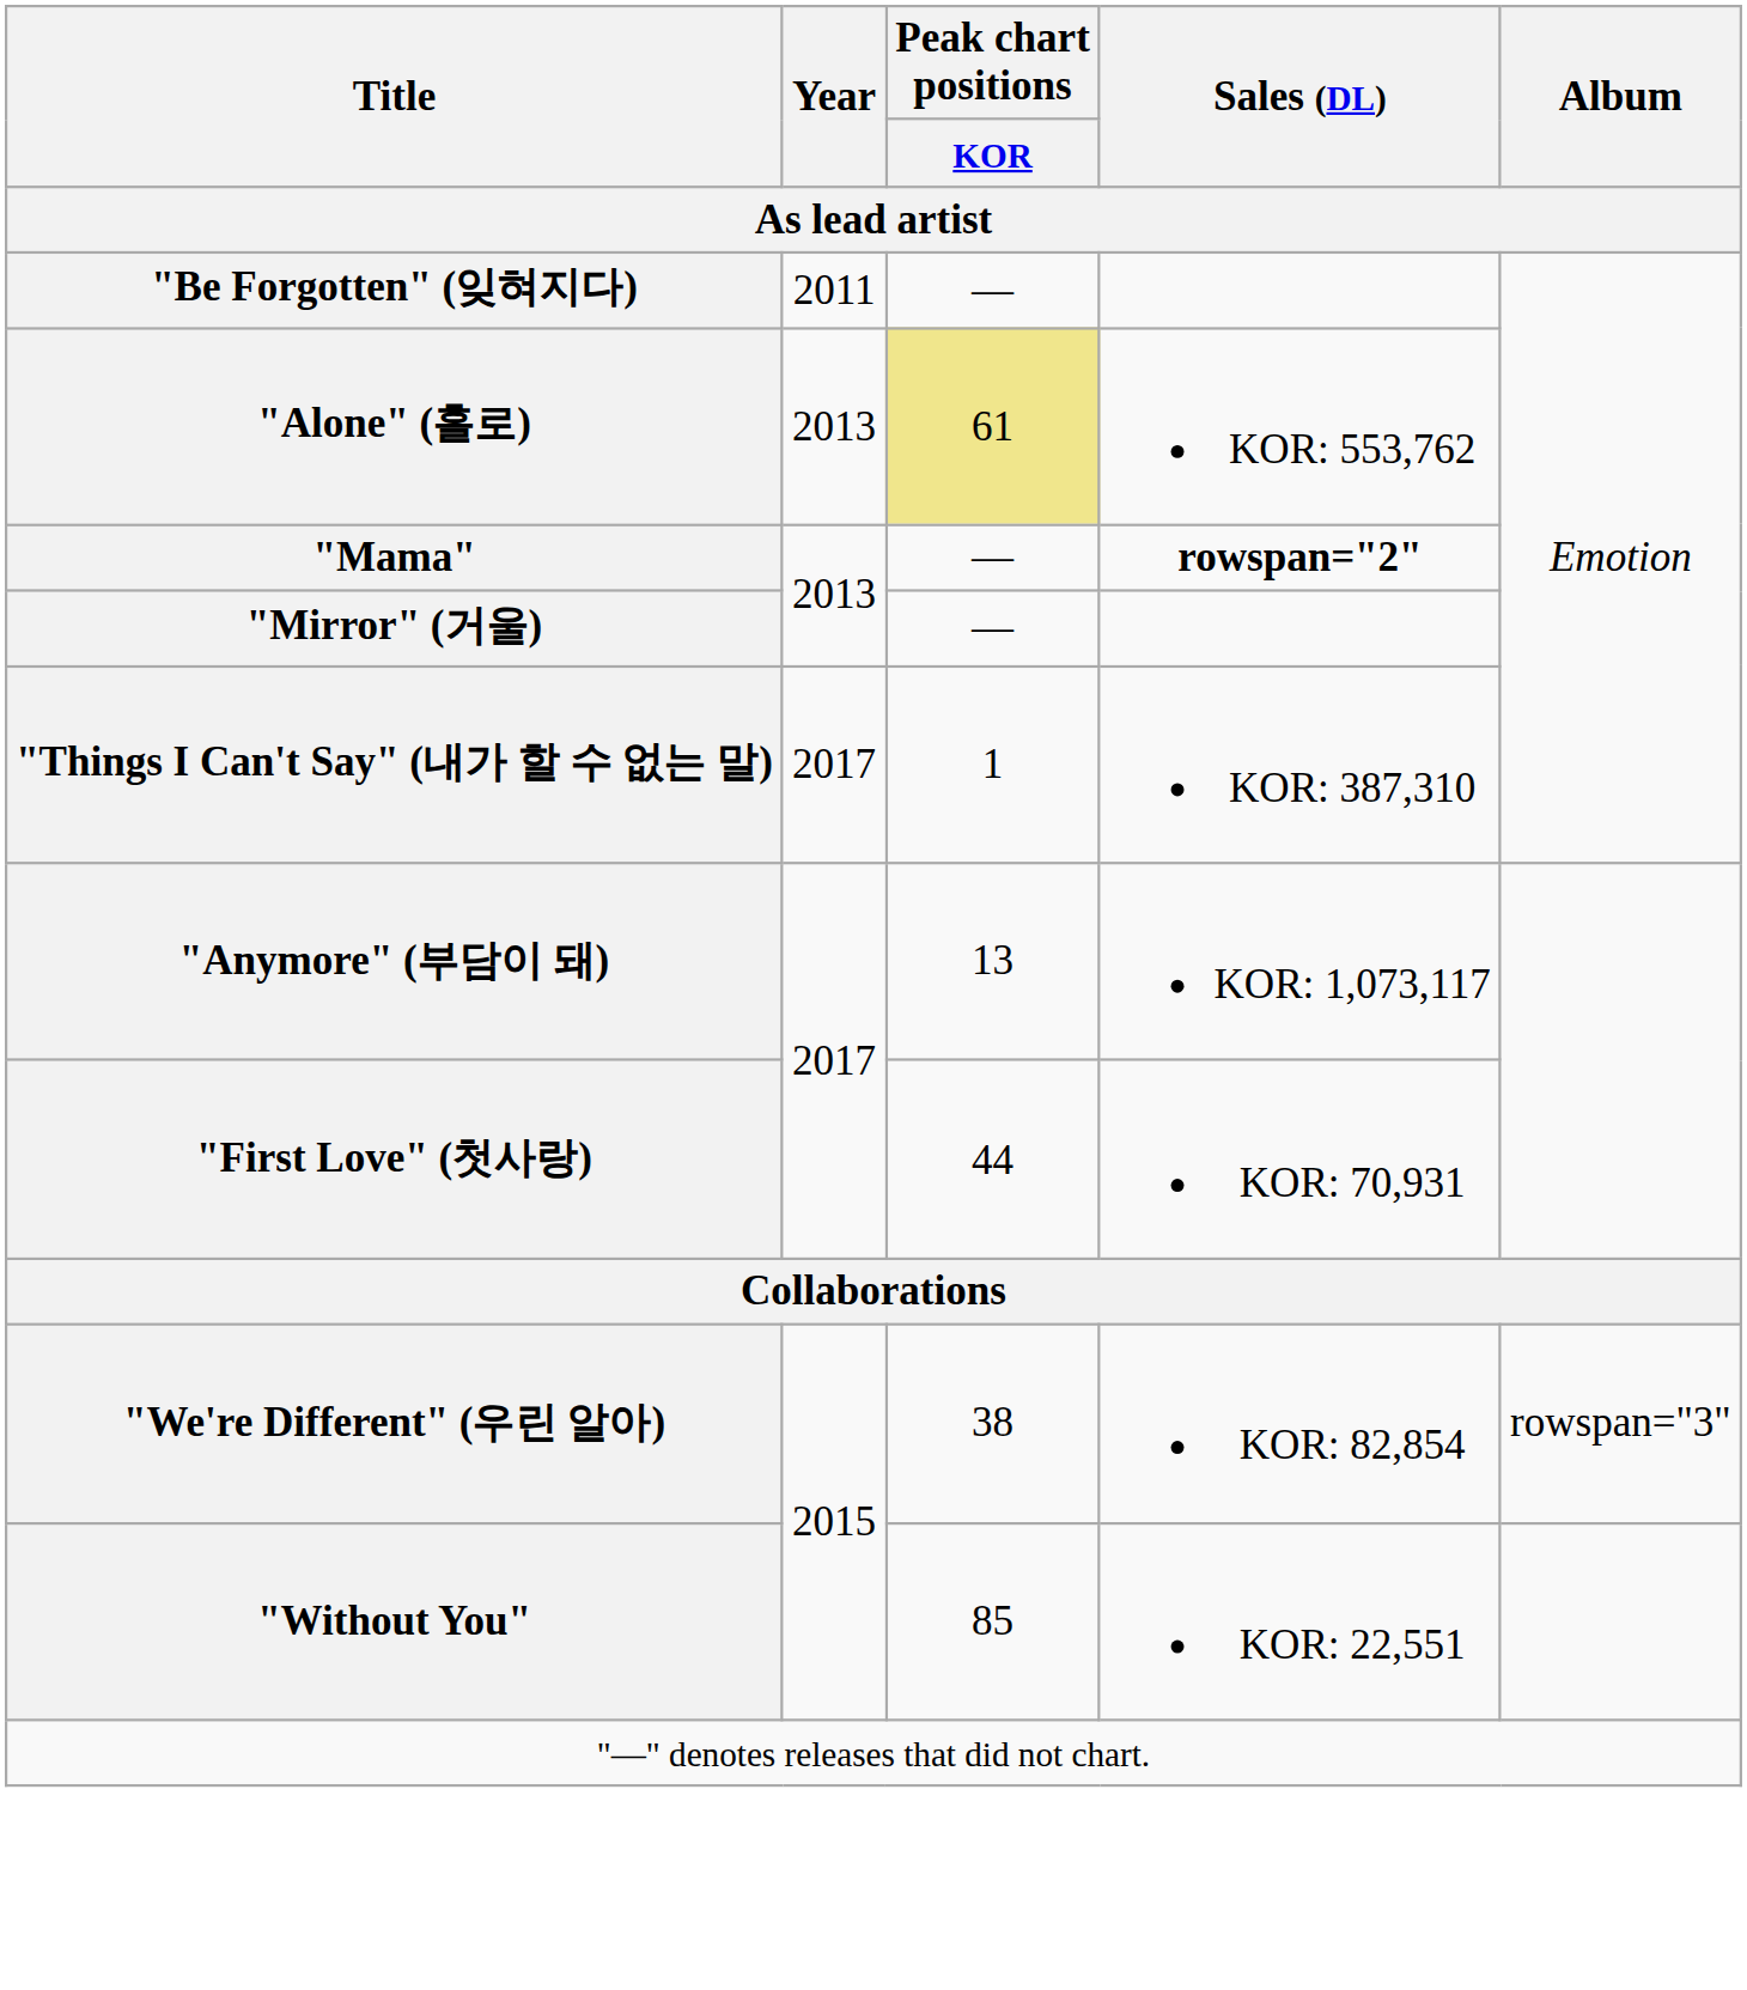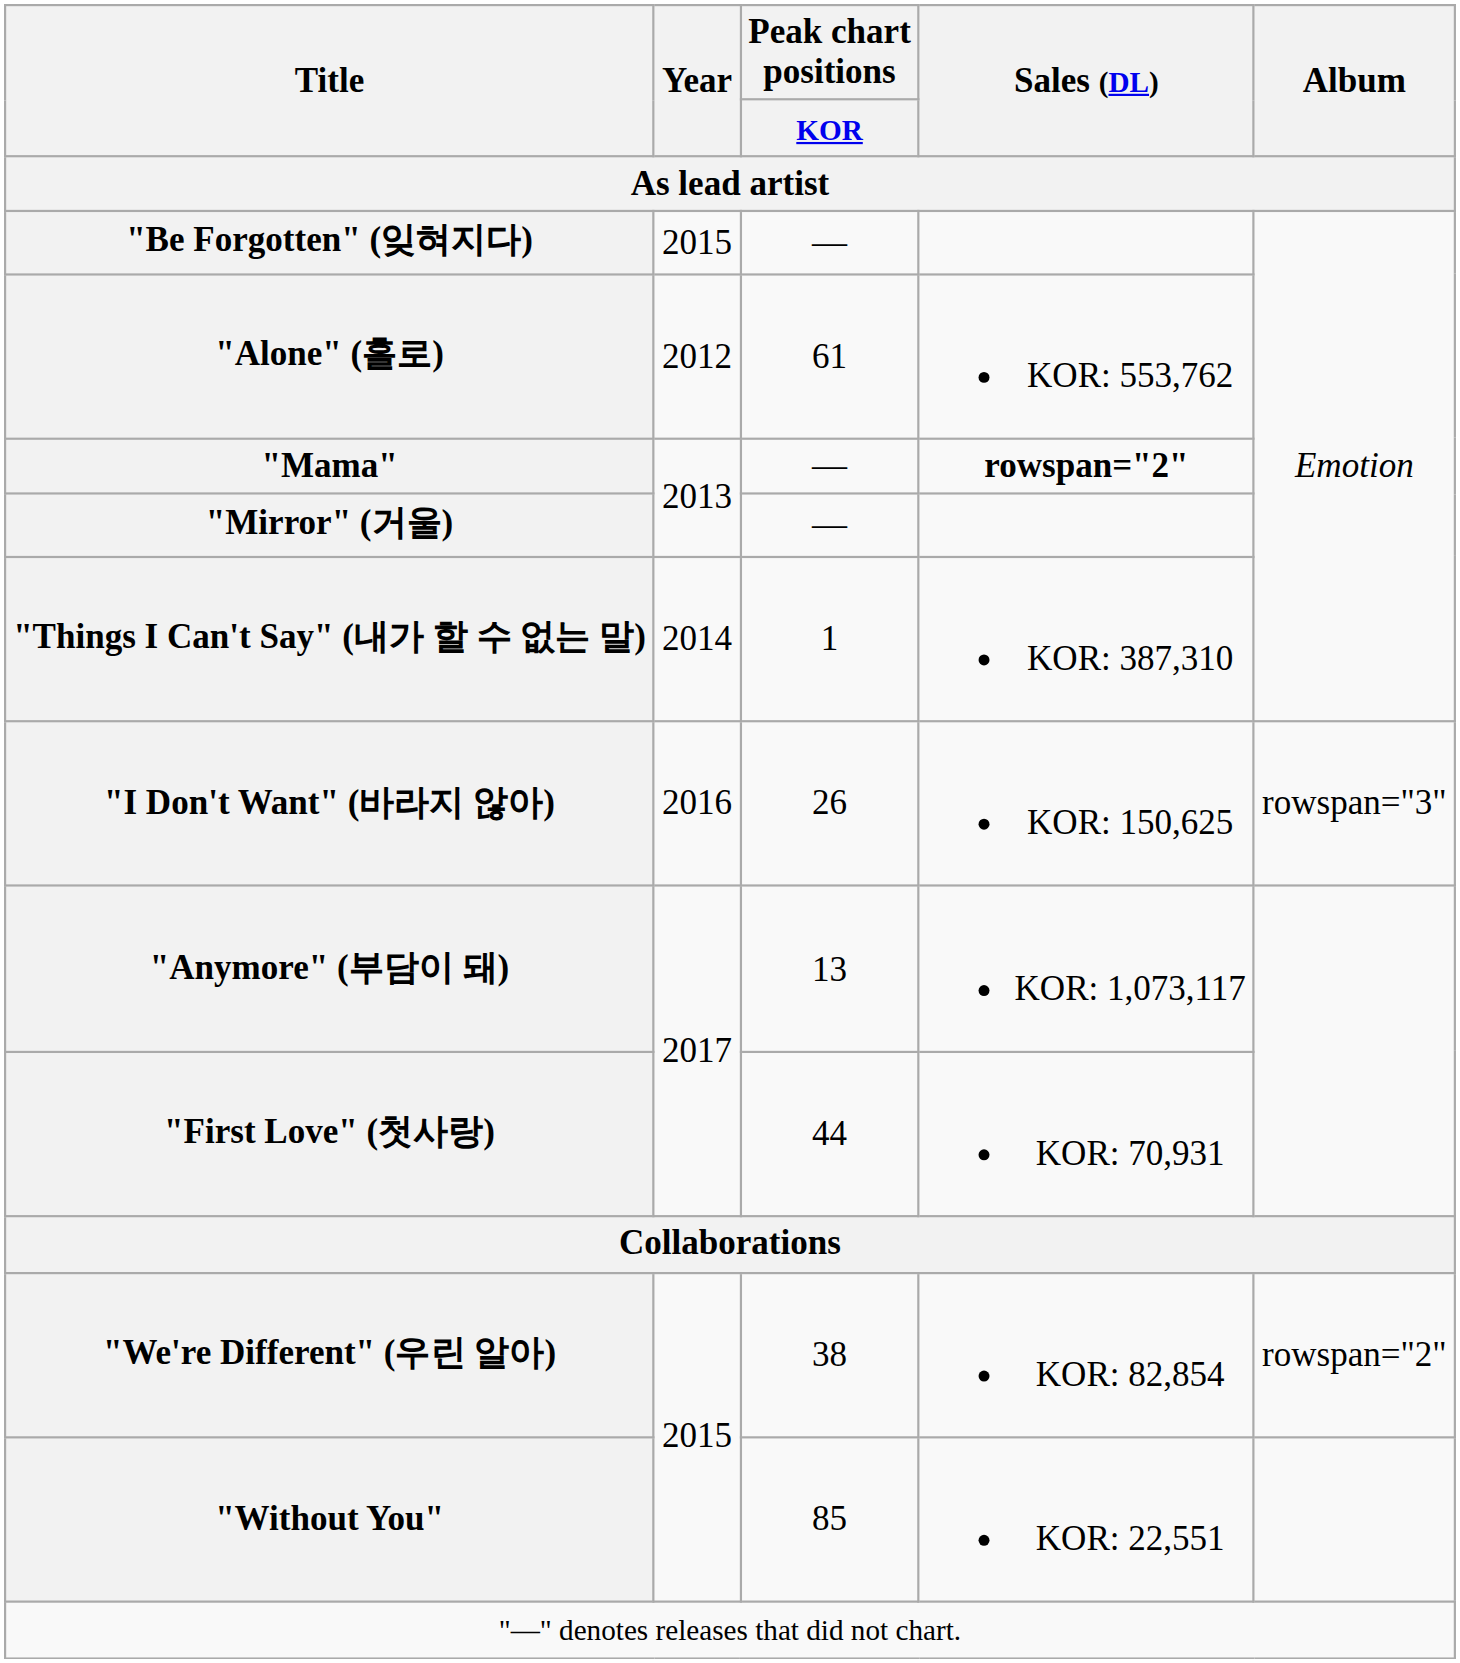 <table class="wikitable plainrowheaders" style="text-align:center;">
 <tr>
 <th scope="col" rowspan="2">Title</th>
 <th scope="col" rowspan="2">Year</th>
 <th scope="col" colspan="1">Peak chart <br> positions</th>
 <th scope="col" rowspan="2">Sales <small>(<a href='#'>DL</a>)</small></th>
 <th scope="col" rowspan="2">Album</th>
 </tr>
 <tr>
 <th><small><a href='#'>KOR</a></small><br></th>
 </tr>
 <tr>
 <th scope="col" colspan="5">As lead artist</th>
 </tr>
 <tr>
 <th scope="row">"Be Forgotten" (잊혀지다)<br></th>
-<td>2011</td>
+<td>2015</td>
 <td>—</td>
 <td></td>
 <td rowspan="5"><em>Emotion</em></td>
 </tr>
 <tr>
 <th scope="row">"Alone" (홀로)<br></th>
-<td>2013</td>
-<td style="background: khaki;">61</td>
+<td>2012</td>
+<td>61</td>
 <td><br><ul><li>KOR: 553,762</li></ul></td>
 </tr>
 <tr>
 <th scope="row">"Mama"<br></th>
 <td rowspan="2">2013</td>
 <td>—</td>
 <td><strong>rowspan="2" </strong></td>
 </tr>
 <tr>
 <th scope="row">"Mirror" (거울)<br></th>
 <td>—</td>
 </tr>
 <tr>
 <th scope="row">"Things I Can't Say" (내가 할 수 없는 말)<br></th>
-<td>2017</td>
+<td>2014</td>
 <td>1</td>
 <td><br><ul><li>KOR: 387,310</li></ul></td>
+</tr>
+<tr>
+<th scope="row">"I Don't Want" (바라지 않아)<br></th>
+<td>2016</td>
+<td>26</td>
+<td><br><ul><li>KOR: 150,625</li></ul></td>
+<td>rowspan="3" </td>
 </tr>
 <tr>
 <th scope="row">"Anymore" (부담이 돼)<br></th>
 <td rowspan="2">2017</td>
 <td>13</td>
 <td><br><ul><li>KOR: 1,073,117</li></ul></td>
 </tr>
 <tr>
 <th scope="row">"First Love" (첫사랑)<br></th>
 <td>44</td>
 <td><br><ul><li>KOR: 70,931</li></ul></td>
 </tr>
 <tr>
 <th scope="col" colspan="5">Collaborations</th>
 </tr>
 <tr>
 <th scope="row">"We're Different" (우린 알아)<br></th>
 <td rowspan="2">2015</td>
 <td>38</td>
 <td><br><ul><li>KOR: 82,854</li></ul></td>
-<td>rowspan="3" </td>
+<td>rowspan="2" </td>
 </tr>
 <tr>
 <th scope="row">"Without You"<br></th>
 <td>85</td>
 <td><br><ul><li>KOR: 22,551</li></ul></td>
 </tr>
 <tr>
 <td colspan="5" align="center"><small>"—" denotes releases that did not chart.</small></td>
 </tr>
 </table>
